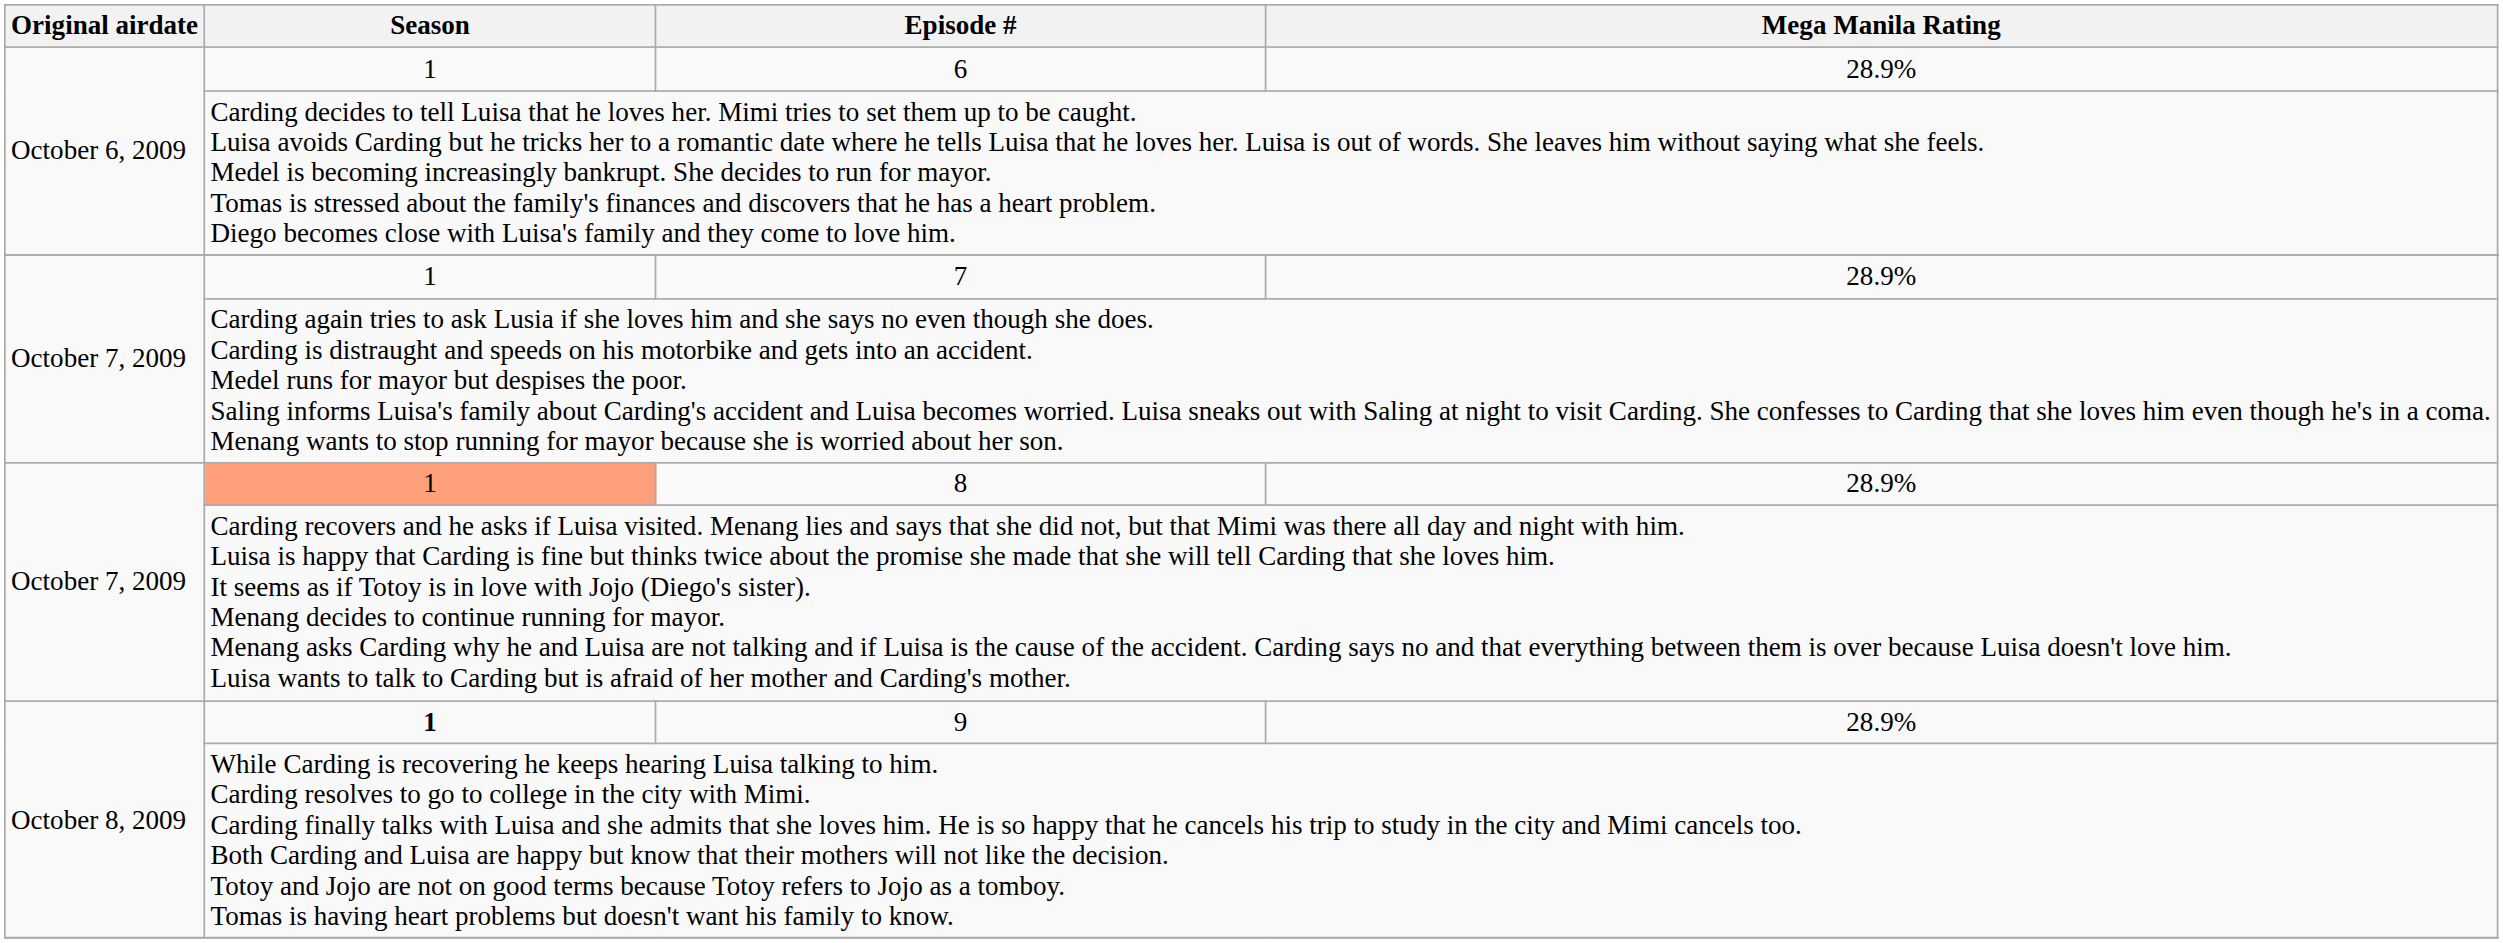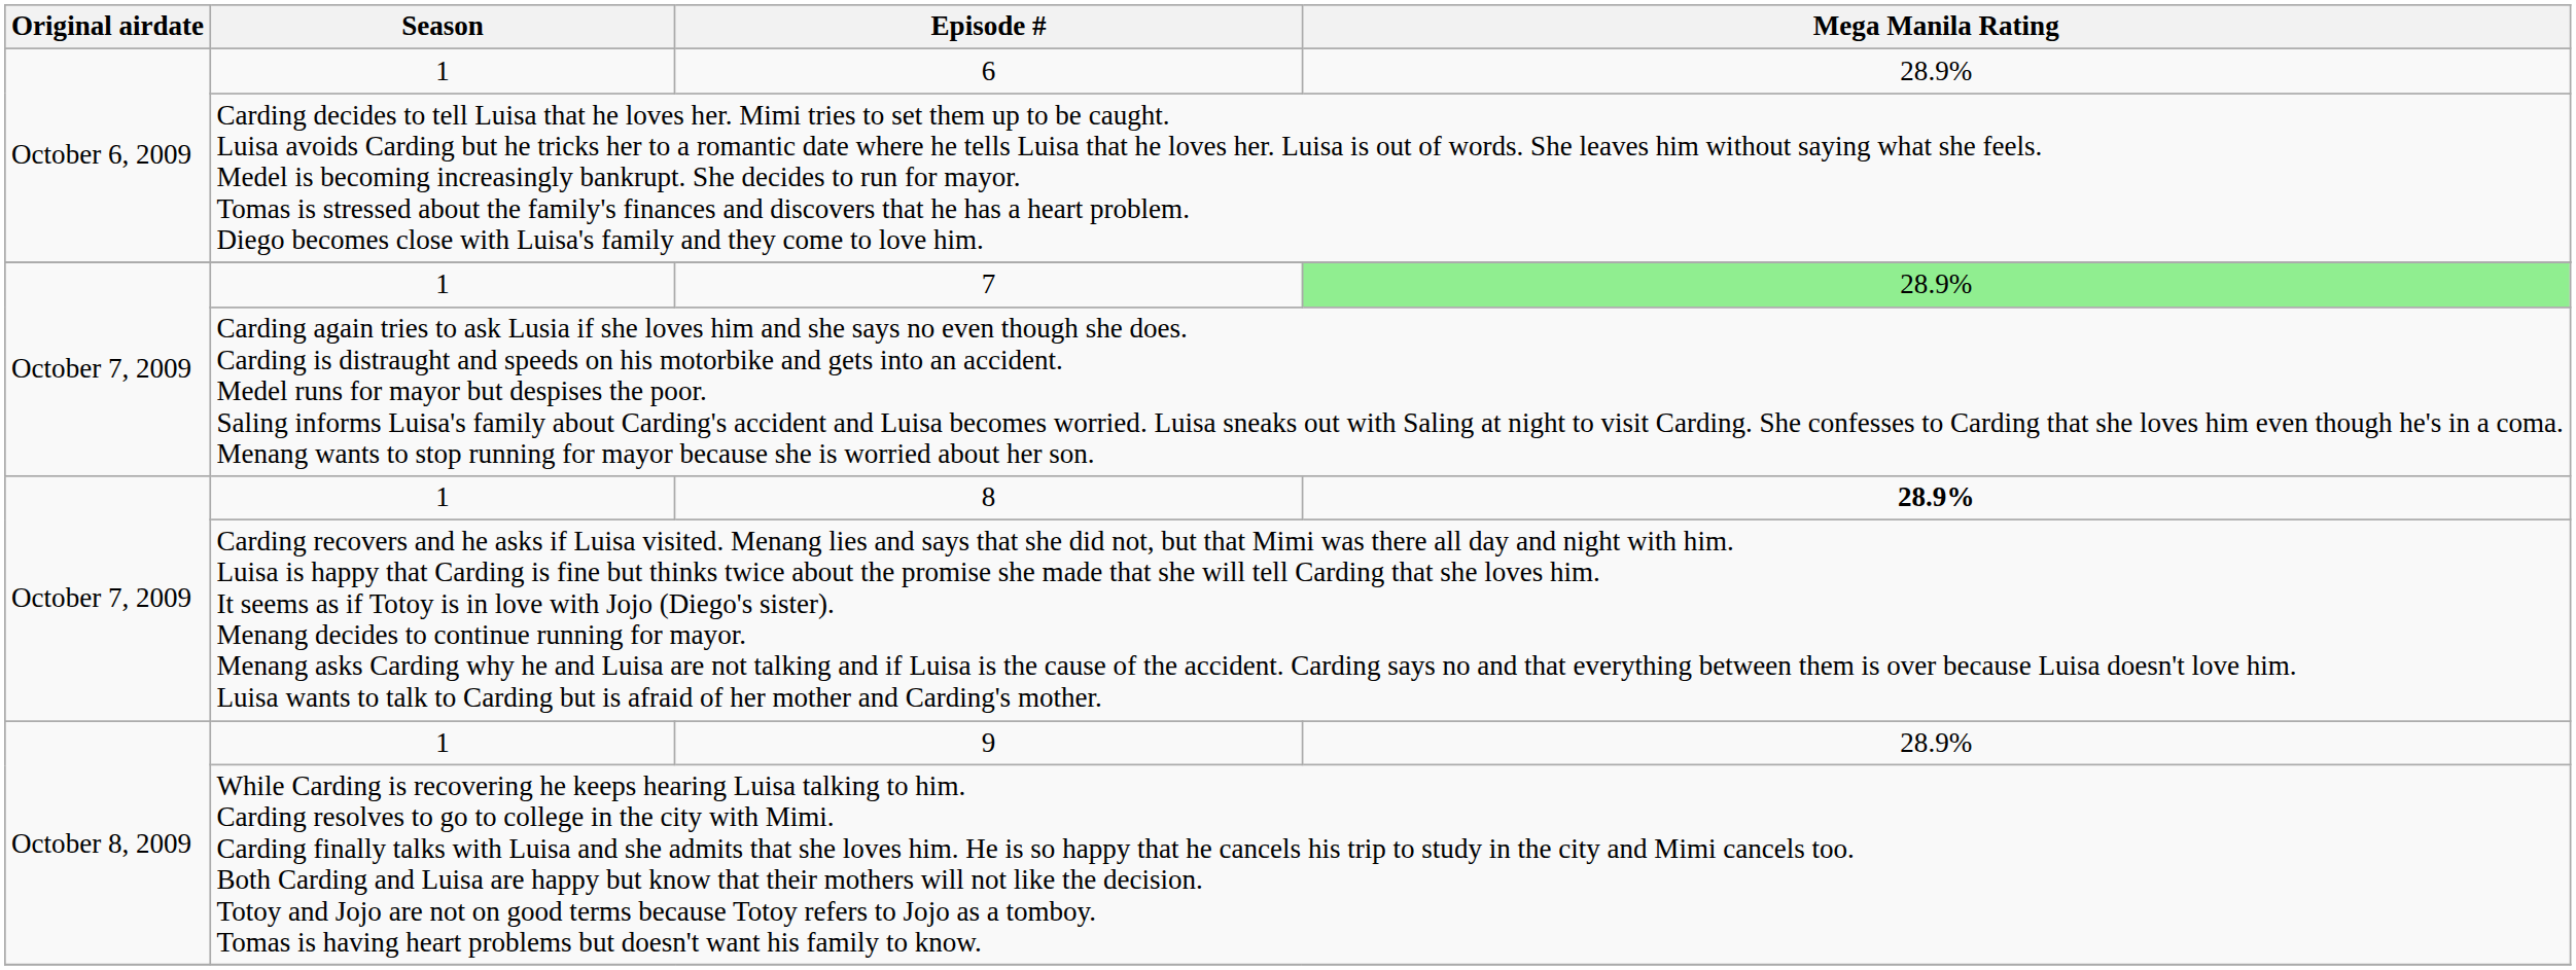 <table class="wikitable">
 <tr>
 <th>Original airdate</th>
 <th>Season</th>
 <th>Episode #</th>
 <th>Mega Manila Rating</th>
 </tr>
 <tr>
 <td rowspan="2">October 6, 2009</td>
 <td align="center">1</td>
 <td align="center">6</td>
 <td align="center">28.9%</td>
 </tr>
 <tr>
 <td colspan="5">Carding decides to tell Luisa that he loves her. Mimi tries to set them up to be caught.<br>Luisa avoids Carding but he tricks her to a romantic date where he tells Luisa that he loves her. Luisa is out of words. She leaves him without saying what she feels.<br>Medel is becoming increasingly bankrupt. She decides to run for mayor.<br>Tomas is stressed about the family's finances and discovers that he has a heart problem.<br>Diego becomes close with Luisa's family and they come to love him.</td>
 </tr>
 <tr>
 </tr>
 <tr>
 <td rowspan="2">October 7, 2009</td>
 <td align="center">1</td>
 <td align="center">7</td>
-<td align="center">28.9%</td>
+<td align="center" style="background: lightgreen;">28.9%</td>
 </tr>
 <tr>
 <td colspan="5">Carding again tries to ask Lusia if she loves him and she says no even though she does.<br>Carding is distraught and speeds on his motorbike and gets into an accident.<br>Medel runs for mayor but despises the poor.<br>Saling informs Luisa's family about Carding's accident and Luisa becomes worried. Luisa sneaks out with Saling at night to visit Carding. She confesses to Carding that she loves him even though he's in a coma.<br>Menang wants to stop running for mayor because she is worried about her son.</td>
 </tr>
 <tr>
 <td rowspan="2">October 7, 2009</td>
-<td align="center" style="background: lightsalmon;">1</td>
+<td align="center">1</td>
 <td align="center">8</td>
-<td align="center">28.9%</td>
+<td align="center"><strong>28.9%</strong></td>
 </tr>
 <tr>
 <td colspan="5">Carding recovers and he asks if Luisa visited. Menang lies and says that she did not, but that Mimi was there all day and night with him.<br>Luisa is happy that Carding is fine but thinks twice about the promise she made that she will tell Carding that she loves him.<br>It seems as if Totoy is in love with Jojo (Diego's sister).<br>Menang decides to continue running for mayor.<br>Menang asks Carding why he and Luisa are not talking and if Luisa is the cause of the accident. Carding says no and that everything between them is over because Luisa doesn't love him.<br>Luisa wants to talk to Carding but is afraid of her mother and Carding's mother.</td>
 </tr>
 <tr>
 <td rowspan="2">October 8, 2009</td>
-<td align="center"><strong>1</strong></td>
+<td align="center">1</td>
 <td align="center">9</td>
 <td align="center">28.9%</td>
 </tr>
 <tr>
 <td colspan="5">While Carding is recovering he keeps hearing Luisa talking to him.<br>Carding resolves to go to college in the city with Mimi.<br>Carding finally talks with Luisa and she admits that she loves him. He is so happy that he cancels his trip to study in the city and Mimi cancels too.<br>Both Carding and Luisa are happy but know that their mothers will not like the decision.<br>Totoy and Jojo are not on good terms because Totoy refers to Jojo as a tomboy.<br>Tomas is having heart problems but doesn't want his family to know.</td>
 </tr>
 <tr>
 </tr>
 </table>
